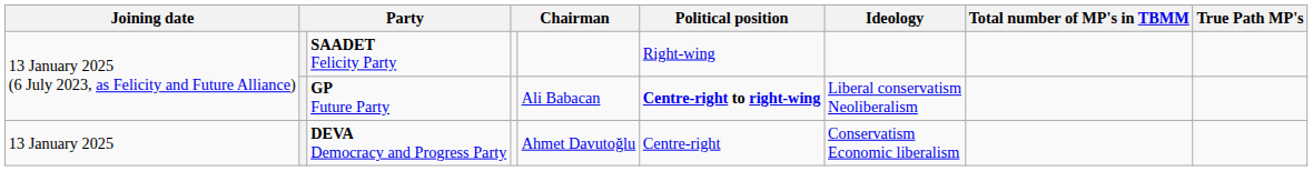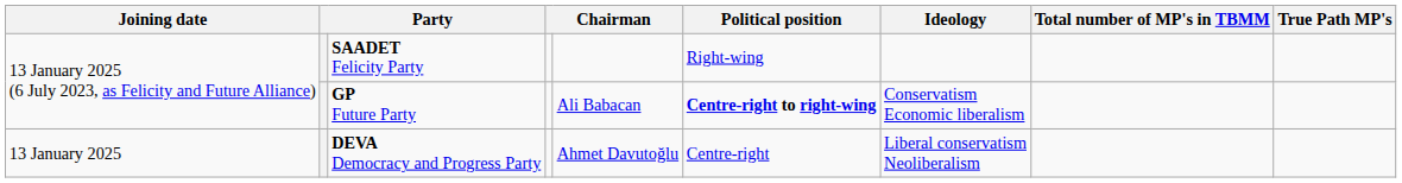 <table class="wikitable" style="font-size:90%;">
 <tr>
 <th>Joining date</th>
 <th colspan="2">Party</th>
 <th colspan="2">Chairman</th>
 <th>Political position</th>
 <th>Ideology</th>
 <th>Total number of MP's in <a href='#'>TBMM</a></th>
 <th>True Path MP's</th>
 </tr>
 <tr>
 <td rowspan="2">13 January 2025<br>(6 July 2023, <a href='#'>as Felicity and Future Alliance</a>)</td>
 <th style="background:"></th>
 <td><strong>SAADET</strong><br><a href='#'>Felicity Party</a></td>
 <td></td>
 <td></td>
 <td><a href='#'>Right-wing</a></td>
 <td></td>
 <td></td>
 <td></td>
 </tr>
 <tr>
 <th style="background:"></th>
 <td><strong>GP</strong><br><a href='#'>Future Party</a></td>
 <td></td>
 <td><a href='#'>Ali Babacan</a></td>
 <td><strong><a href='#'>Centre-right</a> to <a href='#'>right-wing</a></strong></td>
-<td><a href='#'>Liberal conservatism</a><br><a href='#'>Neoliberalism</a></td>
+<td><a href='#'>Conservatism</a><br><a href='#'>Economic liberalism</a></td>
 <td></td>
 <td></td>
 </tr>
 <tr>
 <td>13 January 2025</td>
 <th style="background:"></th>
 <td><strong>DEVA</strong><br><a href='#'>Democracy and Progress Party</a></td>
 <td></td>
 <td><a href='#'>Ahmet Davutoğlu</a></td>
 <td><a href='#'>Centre-right</a></td>
-<td><a href='#'>Conservatism</a><br><a href='#'>Economic liberalism</a></td>
+<td><a href='#'>Liberal conservatism</a><br><a href='#'>Neoliberalism</a></td>
 <td></td>
 <td></td>
 </tr>
 </table>
